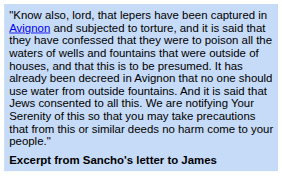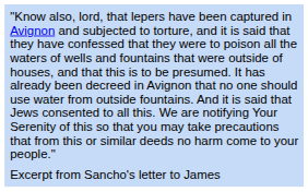 <table class="toccolours" style="float: right; margin-right: 0em; margin-right: 1em; font-size: 85%; background:#c6dbf7; color:black; width:24em; max-width:40%" cellspacing="5">
 <tr>
 <td align="left">"Know also, lord, that lepers have been captured in <a href='#'>Avignon</a> and subjected to torture, and it is said that they have confessed that they were to poison all the waters of wells and fountains that were outside of houses, and that this is to be presumed. It has already been decreed in Avignon that no one should use water from outside fountains. And it is said that Jews consented to all this. We are notifying Your Serenity of this so that you may take precautions that from this or similar deeds no harm come to your people."</td>
 </tr>
 <tr>
-<td align="left"><strong>Excerpt from Sancho's letter to James</strong></td>
+<td align="left">Excerpt from Sancho's letter to James</td>
 </tr>
 </table>
